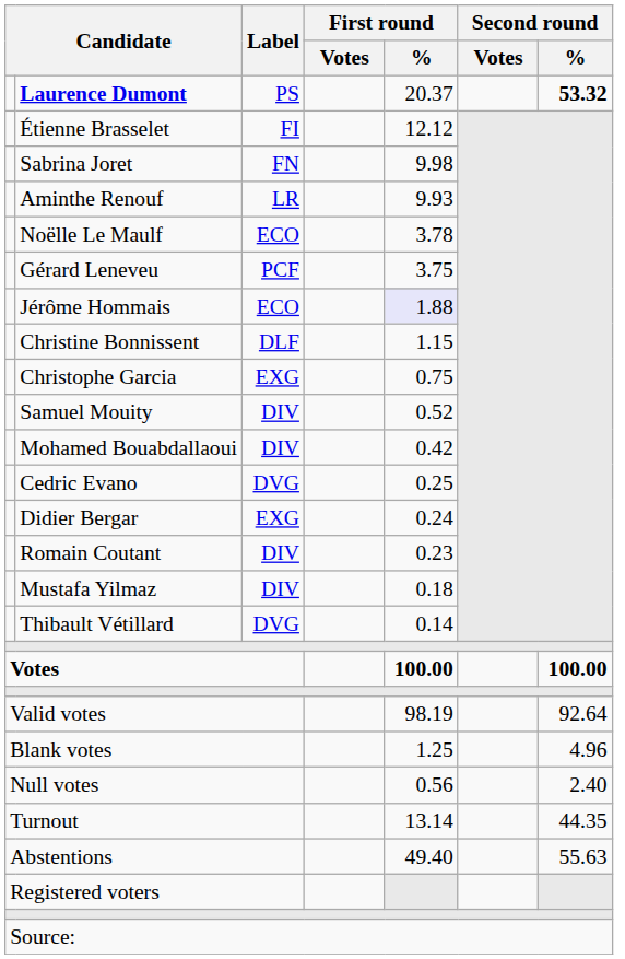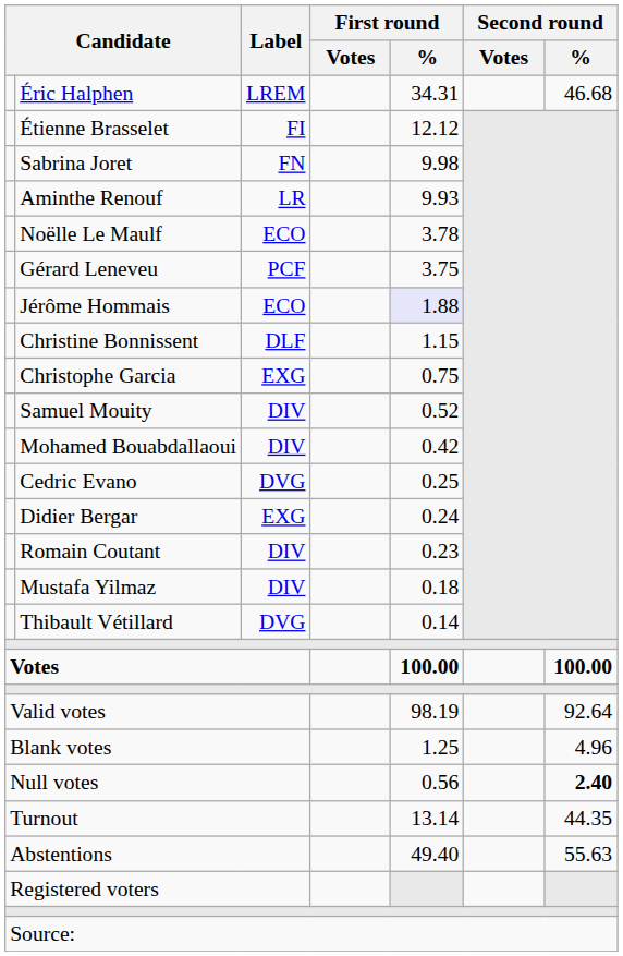 <table class="wikitable" style="text-align:right;font-size:95%;">
 <tr>
 <th colspan="2" rowspan="2">Candidate</th>
 <th rowspan="2">Label</th>
 <th colspan="2">First round</th>
 <th colspan="2">Second round</th>
 </tr>
 <tr>
 <th style="width:50px;">Votes</th>
 <th style="width:45px;">%</th>
 <th style="width:50px;">Votes</th>
 <th style="width:45px;">%</th>
 </tr>
 <tr>
 <td style="color:inherit;background:"></td>
-<td style="text-align:left;"><strong><a href='#'>Laurence Dumont</a></strong></td>
-<td><a href='#'>PS</a></td>
+<td style="text-align:left;"><a href='#'>Éric Halphen</a></td>
+<td><a href='#'>LREM</a></td>
 <td></td>
-<td>20.37</td>
-<td><strong></strong></td>
-<td><strong>53.32</strong></td>
+<td>34.31</td>
+<td></td>
+<td>46.68</td>
 </tr>
 <tr>
 <td style="color:inherit;background:"></td>
 <td style="text-align:left;">Étienne Brasselet</td>
 <td><a href='#'>FI</a></td>
 <td></td>
 <td>12.12</td>
 <td colspan="2" rowspan="15" style="background:#E9E9E9;"></td>
 </tr>
 <tr>
 <td style="color:inherit;background:"></td>
 <td style="text-align:left;">Sabrina Joret</td>
 <td><a href='#'>FN</a></td>
 <td></td>
 <td>9.98</td>
 </tr>
 <tr>
 <td style="color:inherit;background:"></td>
 <td style="text-align:left;">Aminthe Renouf</td>
 <td><a href='#'>LR</a></td>
 <td></td>
 <td>9.93</td>
 </tr>
 <tr>
 <td style="color:inherit;background:"></td>
 <td style="text-align:left;">Noëlle Le Maulf</td>
 <td><a href='#'>ECO</a></td>
 <td></td>
 <td>3.78</td>
 </tr>
 <tr>
 <td style="color:inherit;background:"></td>
 <td style="text-align:left;">Gérard Leneveu</td>
 <td><a href='#'>PCF</a></td>
 <td></td>
 <td>3.75</td>
 </tr>
 <tr>
 <td style="color:inherit;background:"></td>
 <td style="text-align:left;">Jérôme Hommais</td>
 <td><a href='#'>ECO</a></td>
 <td></td>
 <td style="background: lavender;">1.88</td>
 </tr>
 <tr>
 <td style="color:inherit;background:"></td>
 <td style="text-align:left;">Christine Bonnissent</td>
 <td><a href='#'>DLF</a></td>
 <td></td>
 <td>1.15</td>
 </tr>
 <tr>
 <td style="color:inherit;background:"></td>
 <td style="text-align:left;">Christophe Garcia</td>
 <td><a href='#'>EXG</a></td>
 <td></td>
 <td>0.75</td>
 </tr>
 <tr>
 <td style="color:inherit;background:"></td>
 <td style="text-align:left;">Samuel Mouity</td>
 <td><a href='#'>DIV</a></td>
 <td></td>
 <td>0.52</td>
 </tr>
 <tr>
 <td style="color:inherit;background:"></td>
 <td style="text-align:left;">Mohamed Bouabdallaoui</td>
 <td><a href='#'>DIV</a></td>
 <td></td>
 <td>0.42</td>
 </tr>
 <tr>
 <td style="color:inherit;background:"></td>
 <td style="text-align:left;">Cedric Evano</td>
 <td><a href='#'>DVG</a></td>
 <td></td>
 <td>0.25</td>
 </tr>
 <tr>
 <td style="color:inherit;background:"></td>
 <td style="text-align:left;">Didier Bergar</td>
 <td><a href='#'>EXG</a></td>
 <td></td>
 <td>0.24</td>
 </tr>
 <tr>
 <td style="color:inherit;background:"></td>
 <td style="text-align:left;">Romain Coutant</td>
 <td><a href='#'>DIV</a></td>
 <td></td>
 <td>0.23</td>
 </tr>
 <tr>
 <td style="color:inherit;background:"></td>
 <td style="text-align:left;">Mustafa Yilmaz</td>
 <td><a href='#'>DIV</a></td>
 <td></td>
 <td>0.18</td>
 </tr>
 <tr>
 <td style="color:inherit;background:"></td>
 <td style="text-align:left;">Thibault Vétillard</td>
 <td><a href='#'>DVG</a></td>
 <td></td>
 <td>0.14</td>
 </tr>
 <tr>
 <td colspan="7" style="background:#E9E9E9;"></td>
 </tr>
 <tr style="font-weight:bold;">
 <td colspan="3" style="text-align:left;">Votes</td>
 <td></td>
 <td>100.00</td>
 <td></td>
 <td>100.00</td>
 </tr>
 <tr>
 <td colspan="7" style="background:#E9E9E9;"></td>
 </tr>
 <tr>
 <td colspan="3" style="text-align:left;">Valid votes</td>
 <td></td>
 <td>98.19</td>
 <td></td>
 <td>92.64</td>
 </tr>
 <tr>
 <td colspan="3" style="text-align:left;">Blank votes</td>
 <td></td>
 <td>1.25</td>
 <td></td>
 <td>4.96</td>
 </tr>
 <tr>
 <td colspan="3" style="text-align:left;">Null votes</td>
 <td></td>
 <td>0.56</td>
 <td></td>
-<td>2.40</td>
+<td><strong>2.40</strong></td>
 </tr>
 <tr>
 <td colspan="3" style="text-align:left;">Turnout</td>
 <td></td>
 <td>13.14</td>
 <td></td>
 <td>44.35</td>
 </tr>
 <tr>
 <td colspan="3" style="text-align:left;">Abstentions</td>
 <td></td>
 <td>49.40</td>
 <td></td>
 <td>55.63</td>
 </tr>
 <tr>
 <td colspan="3" style="text-align:left;">Registered voters</td>
 <td></td>
 <td style="color:inherit;background:#E9E9E9;"></td>
 <td></td>
 <td style="color:inherit;background:#E9E9E9;"></td>
 </tr>
 <tr>
 <td colspan="7" style="background:#E9E9E9;"></td>
 </tr>
 <tr>
 <td colspan="7" style="text-align:left;">Source: </td>
 </tr>
 </table>
